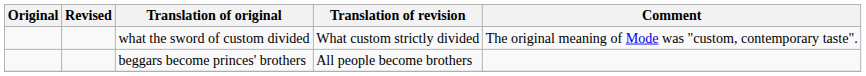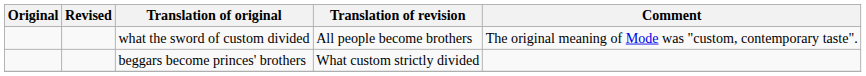 <table class="wikitable">
 <tr>
 <th>Original</th>
 <th>Revised</th>
 <th>Translation of original</th>
 <th>Translation of revision</th>
 <th>Comment</th>
 </tr>
 <tr>
 <td></td>
 <td></td>
 <td>what the sword of custom divided</td>
-<td>What custom strictly divided</td>
+<td>All people become brothers</td>
 <td>The original meaning of <a href='#'>Mode</a> was "custom, contemporary taste".</td>
 </tr>
 <tr>
 <td></td>
 <td></td>
 <td>beggars become princes' brothers</td>
-<td>All people become brothers</td>
+<td>What custom strictly divided</td>
 <td></td>
 </tr>
 <tr>
 </tr>
 </table>
